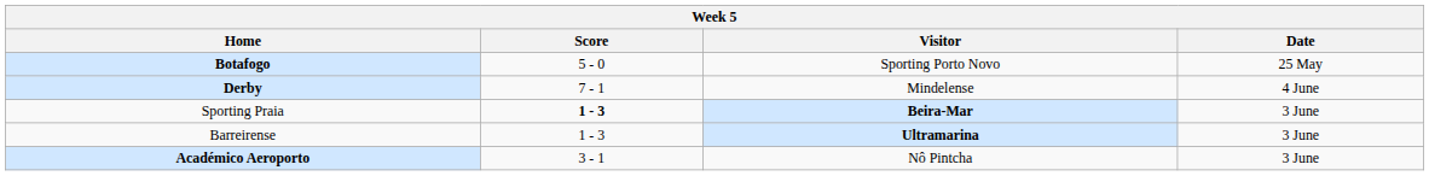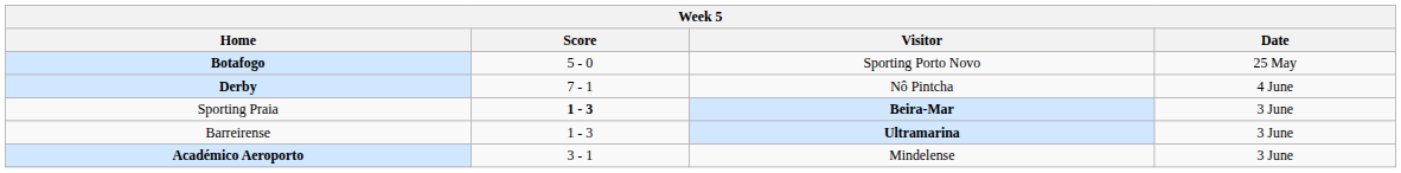 <table class="wikitable" style="font-size:95%; text-align: center; width: 95%;">
 <tr>
 <th colspan="12" style="with: 100%;" align=center>Week 5</th>
 </tr>
 <tr>
 <th width="200">Home</th>
 <th width="90">Score</th>
 <th width="200">Visitor</th>
 <th width="100">Date</th>
 </tr>
 <tr align=center>
 <td bgcolor=#D0E7FF><strong>Botafogo</strong></td>
 <td>5 - 0</td>
 <td>Sporting Porto Novo</td>
 <td>25 May</td>
 </tr>
 <tr align=center>
 <td bgcolor=#D0E7FF><strong>Derby</strong></td>
 <td>7 - 1</td>
-<td>Mindelense</td>
+<td>Nô Pintcha</td>
 <td>4 June</td>
 </tr>
 <tr align=center>
 <td>Sporting Praia</td>
 <td><strong>1 - 3</strong></td>
 <td bgcolor=#D0E7FF><strong>Beira-Mar</strong></td>
 <td>3 June</td>
 </tr>
 <tr align=center>
 <td>Barreirense</td>
 <td>1 - 3</td>
 <td bgcolor=#D0E7FF><strong>Ultramarina</strong></td>
 <td>3 June</td>
 </tr>
 <tr align=center>
 <td bgcolor=#D0E7FF><strong>Académico Aeroporto</strong></td>
 <td>3 - 1</td>
-<td>Nô Pintcha</td>
+<td>Mindelense</td>
 <td>3 June</td>
 </tr>
 </table>
